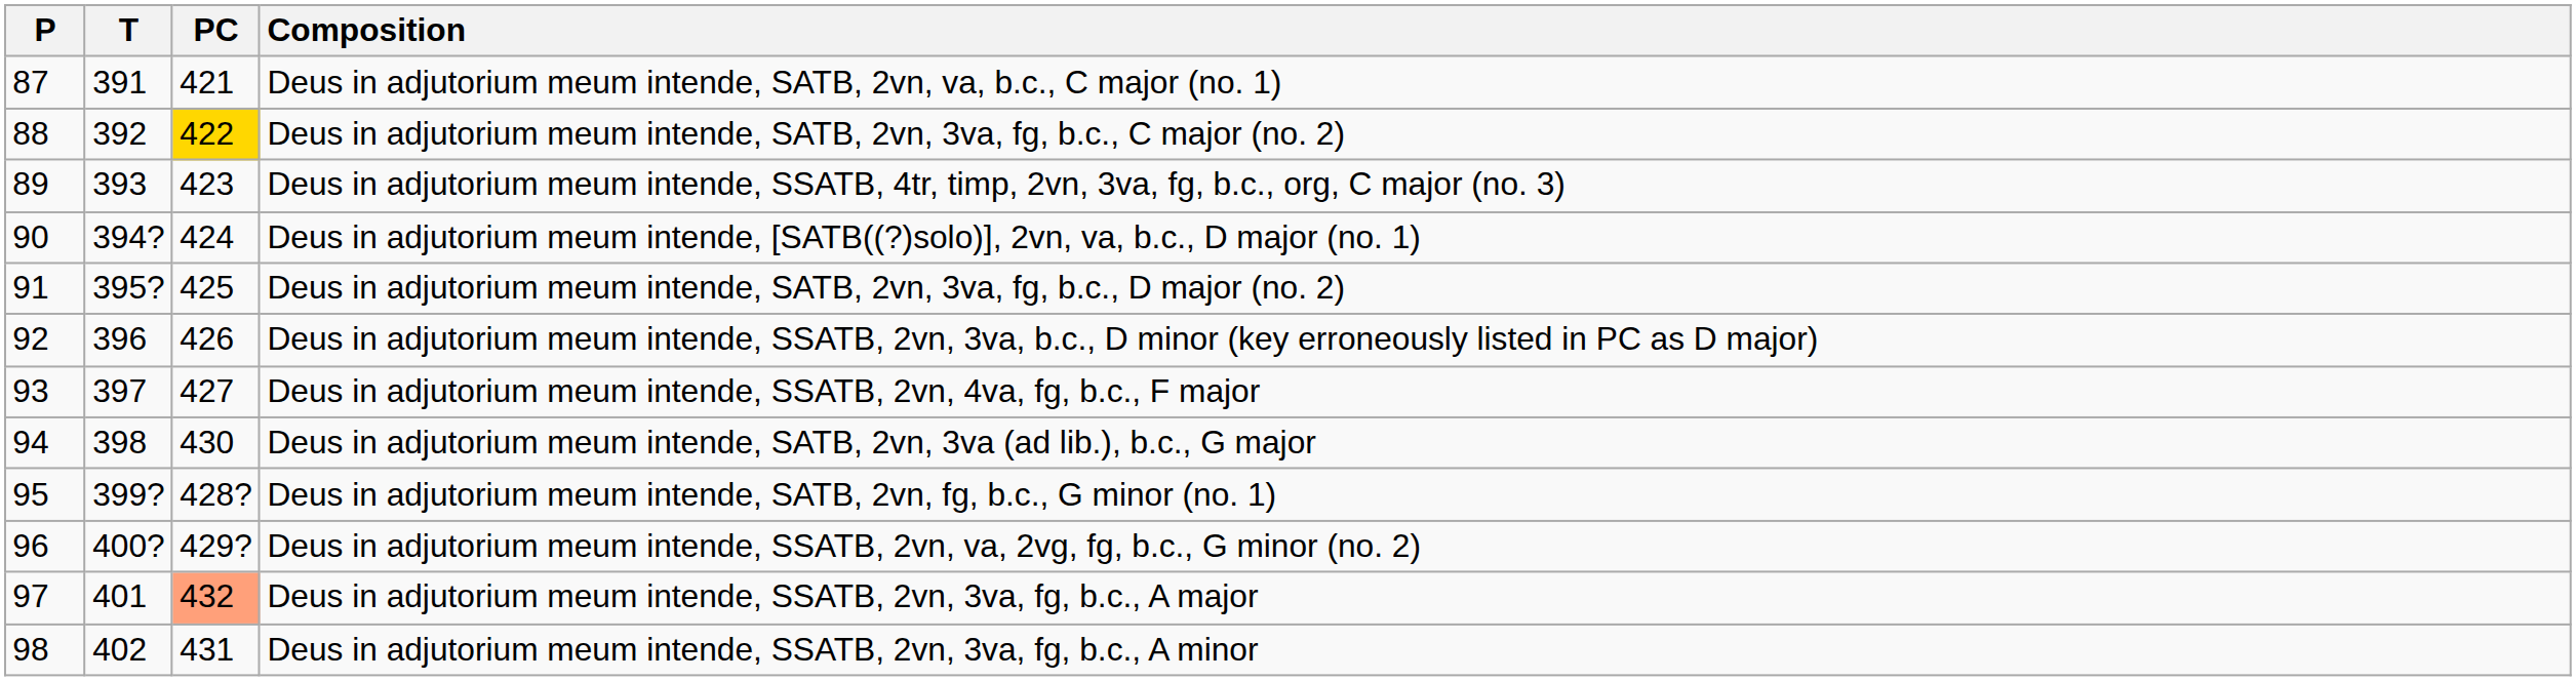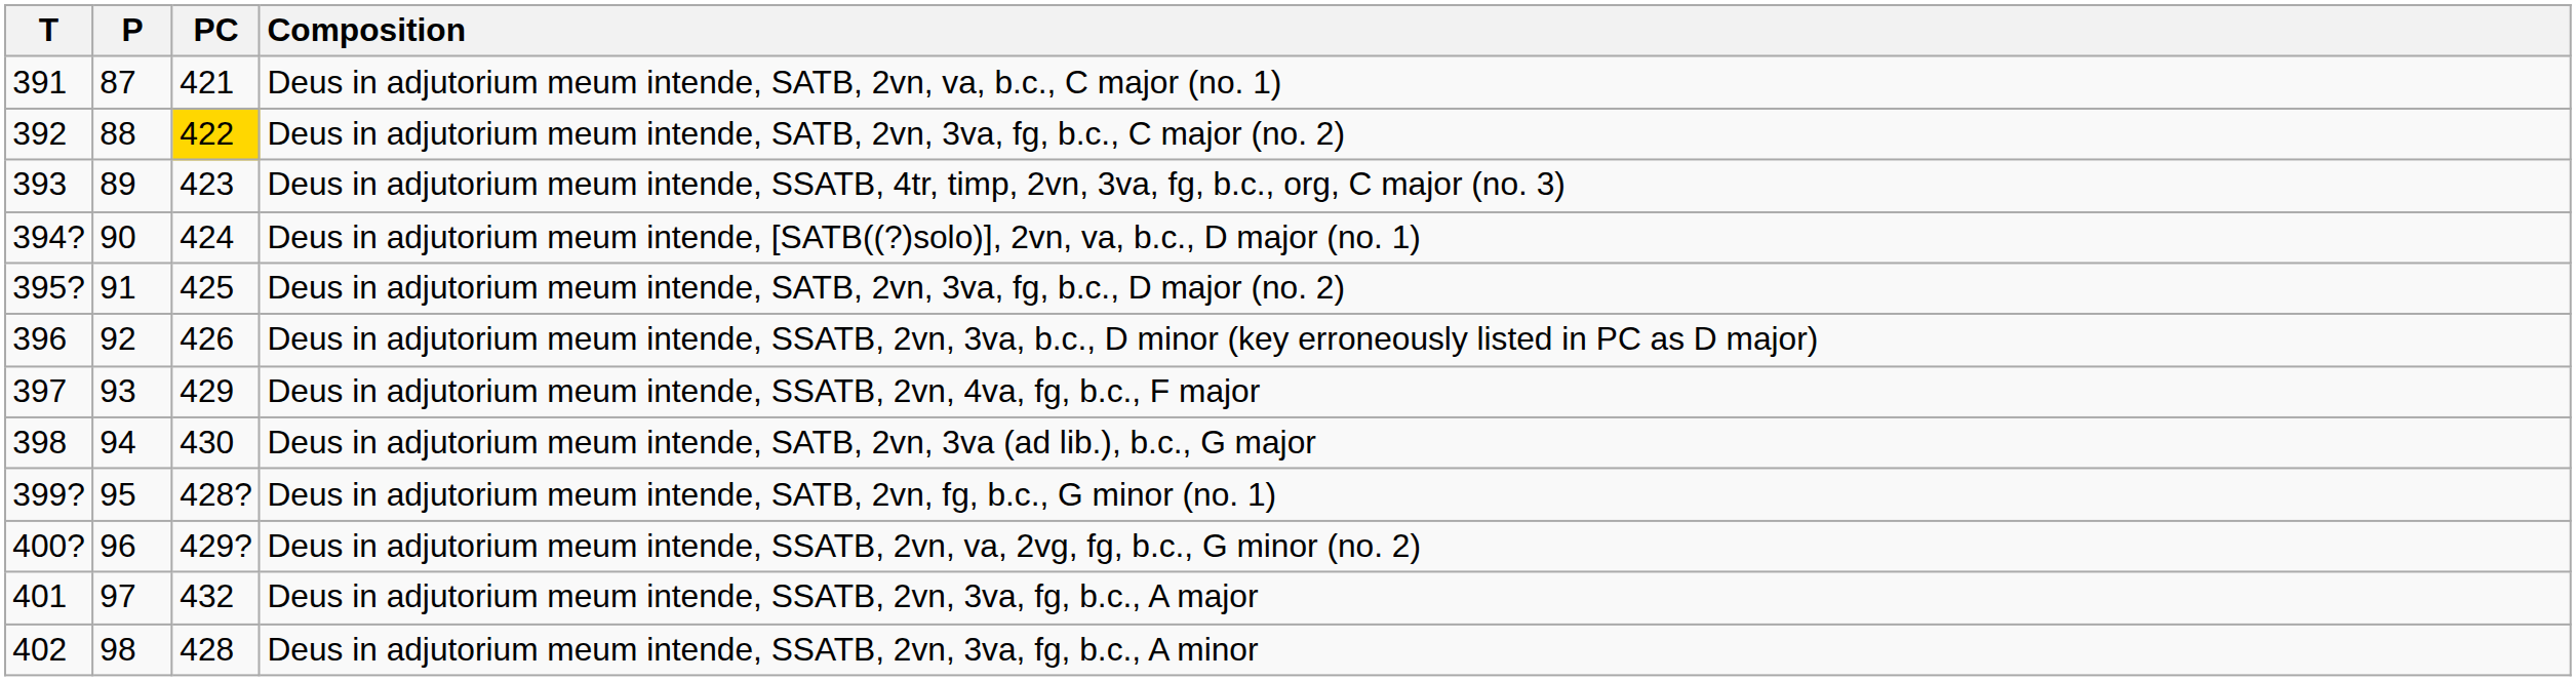 <table class="wikitable" width="100%">
 <tr>
+<th width="32">T</th>
 <th width="32">P</th>
-<th width="32">T</th>
 <th width="32">PC</th>
 <th style="text-align: left;">Composition</th>
 </tr>
 <tr>
+<td>391</td>
 <td>87</td>
-<td>391</td>
 <td>421</td>
 <td>Deus in adjutorium meum intende, SATB, 2vn, va, b.c., C major (no. 1)</td>
 </tr>
 <tr>
+<td>392</td>
 <td>88</td>
-<td>392</td>
 <td style="background: gold;">422</td>
 <td>Deus in adjutorium meum intende, SATB, 2vn, 3va, fg, b.c., C major (no. 2)</td>
 </tr>
 <tr>
+<td>393</td>
 <td>89</td>
-<td>393</td>
 <td>423</td>
 <td>Deus in adjutorium meum intende, SSATB, 4tr, timp, 2vn, 3va, fg, b.c., org, C major (no. 3)</td>
 </tr>
 <tr>
+<td>394?</td>
 <td>90</td>
-<td>394?</td>
 <td>424</td>
 <td>Deus in adjutorium meum intende, [SATB((?)solo)], 2vn, va, b.c., D major (no. 1)</td>
 </tr>
 <tr>
+<td>395?</td>
 <td>91</td>
-<td>395?</td>
 <td>425</td>
 <td>Deus in adjutorium meum intende, SATB, 2vn, 3va, fg, b.c., D major (no. 2)</td>
 </tr>
 <tr>
+<td>396</td>
 <td>92</td>
-<td>396</td>
 <td>426</td>
 <td>Deus in adjutorium meum intende, SSATB, 2vn, 3va, b.c., D minor (key erroneously listed in PC as D major)</td>
 </tr>
 <tr>
+<td>397</td>
 <td>93</td>
-<td>397</td>
-<td>427</td>
+<td>429</td>
 <td>Deus in adjutorium meum intende, SSATB, 2vn, 4va, fg, b.c., F major</td>
 </tr>
 <tr>
+<td>398</td>
 <td>94</td>
-<td>398</td>
 <td>430</td>
 <td>Deus in adjutorium meum intende, SATB, 2vn, 3va (ad lib.), b.c., G major</td>
 </tr>
 <tr>
+<td>399?</td>
 <td>95</td>
-<td>399?</td>
 <td>428?</td>
 <td>Deus in adjutorium meum intende, SATB, 2vn, fg, b.c., G minor (no. 1)</td>
 </tr>
 <tr>
+<td>400?</td>
 <td>96</td>
-<td>400?</td>
 <td>429?</td>
 <td>Deus in adjutorium meum intende, SSATB, 2vn, va, 2vg, fg, b.c., G minor (no. 2)</td>
 </tr>
 <tr>
+<td>401</td>
 <td>97</td>
-<td>401</td>
-<td style="background: lightsalmon;">432</td>
+<td>432</td>
 <td>Deus in adjutorium meum intende, SSATB, 2vn, 3va, fg, b.c., A major</td>
 </tr>
 <tr>
+<td>402</td>
 <td>98</td>
-<td>402</td>
-<td>431</td>
+<td>428</td>
 <td>Deus in adjutorium meum intende, SSATB, 2vn, 3va, fg, b.c., A minor</td>
 </tr>
 </table>
